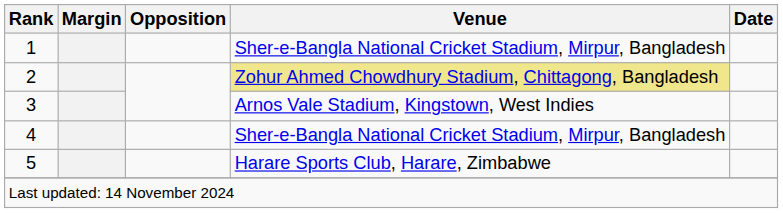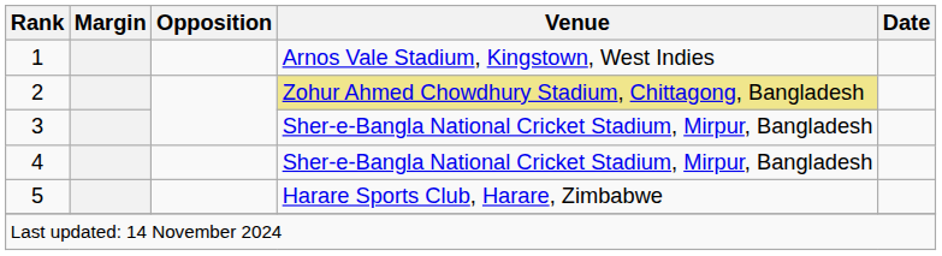 <table class="wikitable plainrowheaders sortable">
 <tr>
 <th scope=col>Rank</th>
 <th scope=col>Margin</th>
 <th scope=col>Opposition</th>
 <th scope=col>Venue</th>
 <th scope=col>Date</th>
 </tr>
 <tr>
 <td align=center>1</td>
 <th scope=row style=text-align:center;></th>
 <td></td>
-<td><a href='#'>Sher-e-Bangla National Cricket Stadium</a>, <a href='#'>Mirpur</a>, Bangladesh</td>
+<td><a href='#'>Arnos Vale Stadium</a>, <a href='#'>Kingstown</a>, West Indies</td>
 <td></td>
 </tr>
 <tr>
 <td align=center>2</td>
 <th scope=row style=text-align:center;></th>
 <td rowspan=2></td>
 <td style="background: khaki;"><a href='#'>Zohur Ahmed Chowdhury Stadium</a>, <a href='#'>Chittagong</a>, Bangladesh</td>
 <td></td>
 </tr>
 <tr>
 <td align=center>3</td>
 <th scope=row style=text-align:center;></th>
-<td><a href='#'>Arnos Vale Stadium</a>, <a href='#'>Kingstown</a>, West Indies</td>
+<td><a href='#'>Sher-e-Bangla National Cricket Stadium</a>, <a href='#'>Mirpur</a>, Bangladesh</td>
 <td></td>
 </tr>
 <tr>
 <td align=center>4</td>
 <th scope=row style=text-align:center;></th>
 <td></td>
 <td><a href='#'>Sher-e-Bangla National Cricket Stadium</a>, <a href='#'>Mirpur</a>, Bangladesh</td>
 <td></td>
 </tr>
 <tr>
 <td align=center>5</td>
 <th scope=row style=text-align:center;></th>
 <td></td>
 <td><a href='#'>Harare Sports Club</a>, <a href='#'>Harare</a>, Zimbabwe</td>
 <td></td>
 </tr>
 <tr>
 </tr>
 <tr class=sortbottom>
 <td colspan=5><small>Last updated: 14 November 2024</small></td>
 </tr>
 </table>
